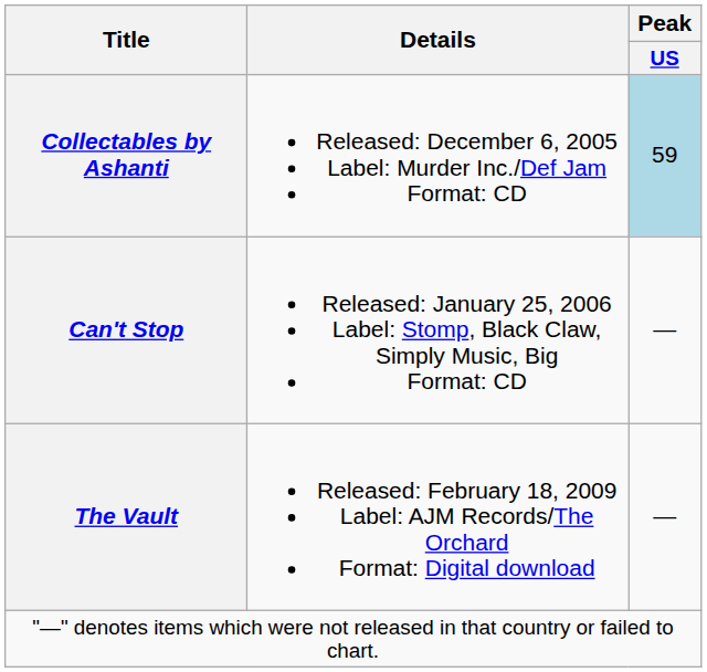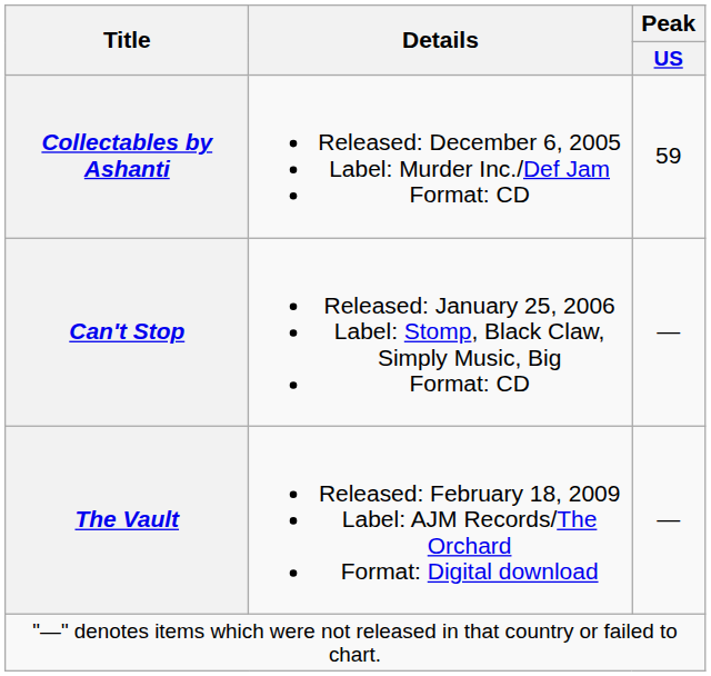 <table class="wikitable plainrowheaders" style="text-align:center;" border="1">
 <tr>
 <th scope="col" rowspan="2" style="width:10em;">Title</th>
 <th scope="col" rowspan="2" style="width:16em;">Details</th>
 <th scope="col" colspan="1">Peak</th>
 </tr>
 <tr>
 <th scope="col" style="width:3em;font-size:90%;"><a href='#'>US</a><br></th>
 </tr>
 <tr>
 <th scope="row"><em><a href='#'>Collectables by Ashanti</a></em></th>
 <td><br><ul><li>Released: December 6, 2005</li><li>Label: Murder Inc./<a href='#'>Def Jam</a></li><li>Format: CD</li></ul></td>
-<td style="background: lightblue;">59</td>
+<td>59</td>
 </tr>
 <tr>
 <th scope="row"><em><a href='#'>Can't Stop</a></em></th>
 <td><br><ul><li>Released: January 25, 2006</li><li>Label: <a href='#'>Stomp</a>, Black Claw, Simply Music, Big</li><li>Format: CD</li></ul></td>
 <td>—</td>
 </tr>
 <tr>
 <th scope="row"><em><a href='#'>The Vault</a></em></th>
 <td><br><ul><li>Released: February 18, 2009</li><li>Label: AJM Records/<a href='#'>The Orchard</a></li><li>Format: <a href='#'>Digital download</a></li></ul></td>
 <td>—</td>
 </tr>
 <tr>
 <td colspan="14" style="font-size:90%;">"—" denotes items which were not released in that country or failed to chart.</td>
 </tr>
 </table>
